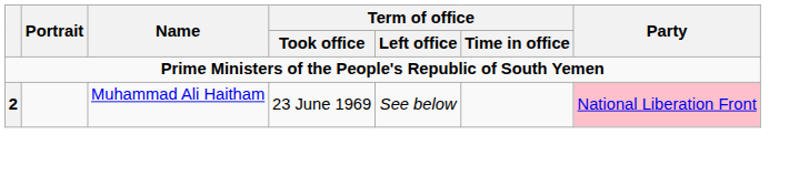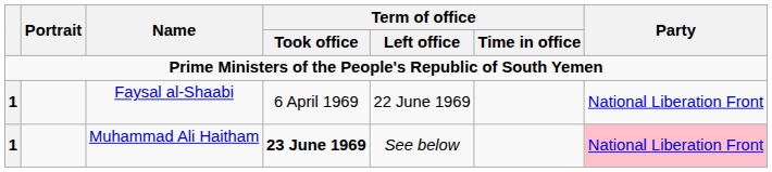 <table class="wikitable" style="text-align:center">
 <tr>
 <th rowspan="2"></th>
 <th rowspan="2">Portrait</th>
 <th rowspan="2">Name<br></th>
 <th colspan="3">Term of office</th>
 <th rowspan="2">Party</th>
 </tr>
 <tr>
 <th>Took office</th>
 <th>Left office</th>
 <th>Time in office</th>
 </tr>
 <tr>
 <td colspan="7" align="center"><strong>Prime Ministers of the People's Republic of South Yemen</strong></td>
 </tr>
 <tr>
-<th style="background:">2</th>
+<th style="background:">1</th>
+<td></td>
+<td rowspan="1"><a href='#'>Faysal al-Shaabi</a><br><br></td>
+<td rowspan="1">6 April 1969</td>
+<td rowspan="1">22 June 1969</td>
+<td></td>
+<td rowspan="1"><a href='#'>National Liberation Front</a><br></td>
+</tr>
+<tr>
+<th style="background:">1</th>
 <td></td>
 <td rowspan="1"><a href='#'>Muhammad Ali Haitham</a><br><br></td>
-<td rowspan="1">23 June 1969</td>
+<td rowspan="1"><strong>23 June 1969</strong></td>
 <td rowspan="1"><em>See below</em></td>
 <td></td>
 <td rowspan="1" style="background: pink;"><a href='#'>National Liberation Front</a><br></td>
 </tr>
 </table>
